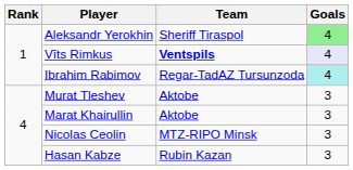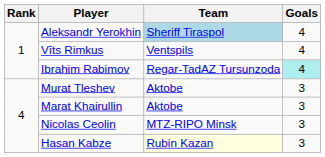 <table class="wikitable">
 <tr>
 <th>Rank</th>
 <th>Player</th>
 <th>Team</th>
 <th>Goals</th>
 </tr>
 <tr>
 <td align=center rowspan="3">1</td>
 <td> <a href='#'>Aleksandr Yerokhin</a></td>
-<td> <a href='#'>Sheriff Tiraspol</a></td>
-<td align=center style="background: lightgreen;">4</td>
+<td style="background: lightblue;"> <a href='#'>Sheriff Tiraspol</a></td>
+<td align=center>4</td>
 </tr>
 <tr>
 <td> <a href='#'>Vīts Rimkus</a></td>
-<td><strong> <a href='#'>Ventspils</a></strong></td>
-<td align=center style="background: lavender;">4</td>
+<td> <a href='#'>Ventspils</a></td>
+<td align=center>4</td>
 </tr>
 <tr>
 <td> <a href='#'>Ibrahim Rabimov</a></td>
 <td> <a href='#'>Regar-TadAZ Tursunzoda</a></td>
 <td align=center style="background: paleturquoise;">4</td>
 </tr>
 <tr>
 <td align=center rowspan="4">4</td>
 <td> <a href='#'>Murat Tleshev</a></td>
 <td> <a href='#'>Aktobe</a></td>
 <td align=center>3</td>
 </tr>
 <tr>
 <td> <a href='#'>Marat Khairullin</a></td>
 <td> <a href='#'>Aktobe</a></td>
 <td align=center>3</td>
 </tr>
 <tr>
 <td> <a href='#'>Nicolas Ceolin</a></td>
 <td> <a href='#'>MTZ-RIPO Minsk</a></td>
 <td align=center>3</td>
 </tr>
 <tr>
 <td> <a href='#'>Hasan Kabze</a></td>
-<td> <a href='#'>Rubin Kazan</a></td>
+<td style="background: lightyellow;"> <a href='#'>Rubin Kazan</a></td>
 <td align=center>3</td>
 </tr>
 </table>
